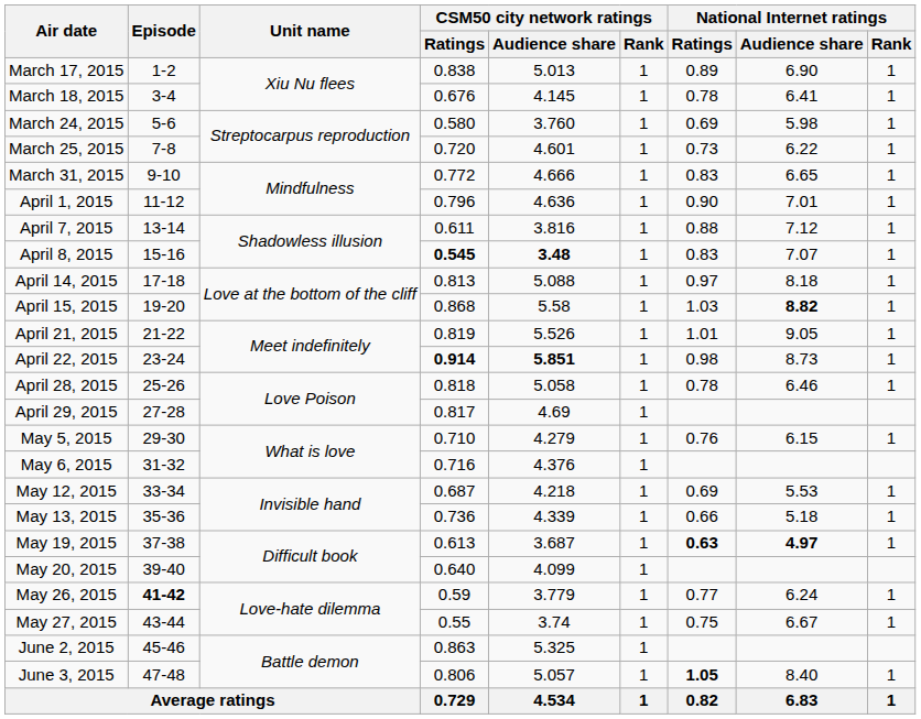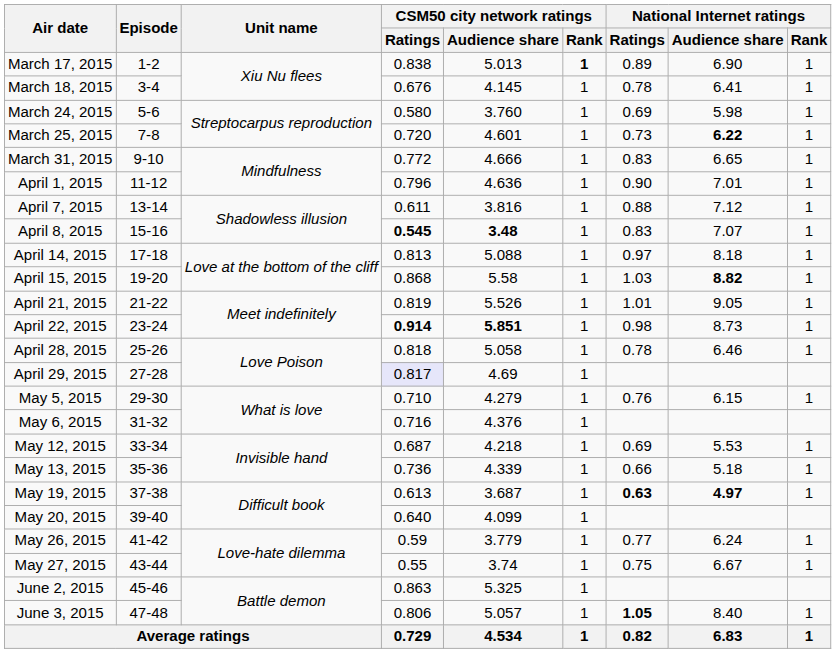 <table class="wikitable sortable mw-collapsible jquery-tablesorter" style="text-align:center">
 <tr>
 <th rowspan="2">Air date</th>
 <th rowspan="2">Episode</th>
 <th rowspan="2">Unit name</th>
 <th colspan="3">CSM50 city network ratings</th>
 <th colspan="3">National Internet ratings</th>
 </tr>
 <tr>
 <th>Ratings</th>
 <th>Audience share</th>
 <th>Rank</th>
 <th>Ratings</th>
 <th>Audience share</th>
 <th>Rank</th>
 </tr>
 <tr>
 <td>March 17, 2015</td>
 <td>1-2</td>
 <td colspan="1" rowspan="2"><em>Xiu Nu flees</em></td>
 <td>0.838</td>
 <td>5.013</td>
-<td>1</td>
+<td><strong>1</strong></td>
 <td>0.89</td>
 <td>6.90</td>
 <td>1</td>
 </tr>
 <tr>
 <td>March 18, 2015</td>
 <td>3-4</td>
 <td>0.676</td>
 <td>4.145</td>
 <td>1</td>
 <td>0.78</td>
 <td>6.41</td>
 <td>1</td>
 </tr>
 <tr>
 <td>March 24, 2015</td>
 <td>5-6</td>
 <td colspan="1" rowspan="2"><em>Streptocarpus reproduction</em></td>
 <td>0.580</td>
 <td>3.760</td>
 <td>1</td>
 <td>0.69</td>
 <td>5.98</td>
 <td>1</td>
 </tr>
 <tr>
 <td>March 25, 2015</td>
 <td>7-8</td>
 <td>0.720</td>
 <td>4.601</td>
 <td>1</td>
 <td>0.73</td>
-<td>6.22</td>
+<td><strong>6.22</strong></td>
 <td>1</td>
 </tr>
 <tr>
 <td>March 31, 2015</td>
 <td>9-10</td>
 <td colspan="1" rowspan="2"><em>Mindfulness</em></td>
 <td>0.772</td>
 <td>4.666</td>
 <td>1</td>
 <td>0.83</td>
 <td>6.65</td>
 <td>1</td>
 </tr>
 <tr>
 <td>April 1, 2015</td>
 <td>11-12</td>
 <td>0.796</td>
 <td>4.636</td>
 <td>1</td>
 <td>0.90</td>
 <td>7.01</td>
 <td>1</td>
 </tr>
 <tr>
 <td>April 7, 2015</td>
 <td>13-14</td>
 <td colspan="1" rowspan="2"><em>Shadowless illusion</em></td>
 <td>0.611</td>
 <td>3.816</td>
 <td>1</td>
 <td>0.88</td>
 <td>7.12</td>
 <td>1</td>
 </tr>
 <tr>
 <td>April 8, 2015</td>
 <td>15-16</td>
 <td><strong><span>0.545</span></strong></td>
 <td><strong><span>3.48</span></strong></td>
 <td>1</td>
 <td>0.83</td>
 <td>7.07</td>
 <td>1</td>
 </tr>
 <tr>
 <td>April 14, 2015</td>
 <td>17-18</td>
 <td colspan="1" rowspan="2"><em>Love at the bottom of the cliff</em></td>
 <td>0.813</td>
 <td>5.088</td>
 <td>1</td>
 <td>0.97</td>
 <td>8.18</td>
 <td>1</td>
 </tr>
 <tr>
 <td>April 15, 2015</td>
 <td>19-20</td>
 <td>0.868</td>
 <td>5.58</td>
 <td>1</td>
 <td>1.03</td>
 <td><strong><span>8.82</span></strong></td>
 <td>1</td>
 </tr>
 <tr>
 <td>April 21, 2015</td>
 <td>21-22</td>
 <td colspan="1" rowspan="2"><em>Meet indefinitely</em></td>
 <td>0.819</td>
 <td>5.526</td>
 <td>1</td>
 <td>1.01</td>
 <td>9.05</td>
 <td>1</td>
 </tr>
 <tr>
 <td>April 22, 2015</td>
 <td>23-24</td>
 <td><strong><span>0.914</span></strong></td>
 <td><strong><span>5.851</span></strong></td>
 <td>1</td>
 <td>0.98</td>
 <td>8.73</td>
 <td>1</td>
 </tr>
 <tr>
 <td>April 28, 2015</td>
 <td>25-26</td>
 <td colspan="1" rowspan="2"><em>Love Poison</em></td>
 <td>0.818</td>
 <td>5.058</td>
 <td>1</td>
 <td>0.78</td>
 <td>6.46</td>
 <td>1</td>
 </tr>
 <tr>
 <td>April 29, 2015</td>
 <td>27-28</td>
-<td>0.817</td>
+<td style="background: lavender;">0.817</td>
 <td>4.69</td>
 <td>1</td>
 <td></td>
 <td></td>
 <td></td>
 </tr>
 <tr>
 <td>May 5, 2015</td>
 <td>29-30</td>
 <td colspan="1" rowspan="2"><em>What is love</em></td>
 <td>0.710</td>
 <td>4.279</td>
 <td>1</td>
 <td>0.76</td>
 <td>6.15</td>
 <td>1</td>
 </tr>
 <tr>
 <td>May 6, 2015</td>
 <td>31-32</td>
 <td>0.716</td>
 <td>4.376</td>
 <td>1</td>
 <td></td>
 <td></td>
 <td></td>
 </tr>
 <tr>
 <td>May 12, 2015</td>
 <td>33-34</td>
 <td colspan="1" rowspan="2"><em>Invisible hand</em></td>
 <td>0.687</td>
 <td>4.218</td>
 <td>1</td>
 <td>0.69</td>
 <td>5.53</td>
 <td>1</td>
 </tr>
 <tr>
 <td>May 13, 2015</td>
 <td>35-36</td>
 <td>0.736</td>
 <td>4.339</td>
 <td>1</td>
 <td>0.66</td>
 <td>5.18</td>
 <td>1</td>
 </tr>
 <tr>
 <td>May 19, 2015</td>
 <td>37-38</td>
 <td colspan="1" rowspan="2"><em>Difficult book</em></td>
 <td>0.613</td>
 <td>3.687</td>
 <td>1</td>
 <td><strong><span>0.63</span></strong></td>
 <td><strong><span>4.97</span></strong></td>
 <td>1</td>
 </tr>
 <tr>
 <td>May 20, 2015</td>
 <td>39-40</td>
 <td>0.640</td>
 <td>4.099</td>
 <td>1</td>
 <td></td>
 <td></td>
 <td></td>
 </tr>
 <tr>
 <td>May 26, 2015</td>
-<td><strong>41-42</strong></td>
+<td>41-42</td>
 <td colspan="1" rowspan="2"><em>Love-hate dilemma</em></td>
 <td>0.59</td>
 <td>3.779</td>
 <td>1</td>
 <td>0.77</td>
 <td>6.24</td>
 <td>1</td>
 </tr>
 <tr>
 <td>May 27, 2015</td>
 <td>43-44</td>
 <td>0.55</td>
 <td>3.74</td>
 <td>1</td>
 <td>0.75</td>
 <td>6.67</td>
 <td>1</td>
 </tr>
 <tr>
 <td>June 2, 2015</td>
 <td>45-46</td>
 <td colspan="1" rowspan="2"><em>Battle demon</em></td>
 <td>0.863</td>
 <td>5.325</td>
 <td>1</td>
 <td></td>
 <td></td>
 <td></td>
 </tr>
 <tr>
 <td>June 3, 2015</td>
 <td>47-48</td>
 <td>0.806</td>
 <td>5.057</td>
 <td>1</td>
 <td><strong><span>1.05</span></strong></td>
 <td>8.40</td>
 <td>1</td>
 </tr>
 <tr>
 <th colspan="3" rowspan="1">Average ratings</th>
 <th>0.729</th>
 <th>4.534</th>
 <th>1</th>
 <th>0.82</th>
 <th>6.83</th>
 <th>1</th>
 </tr>
 </table>
